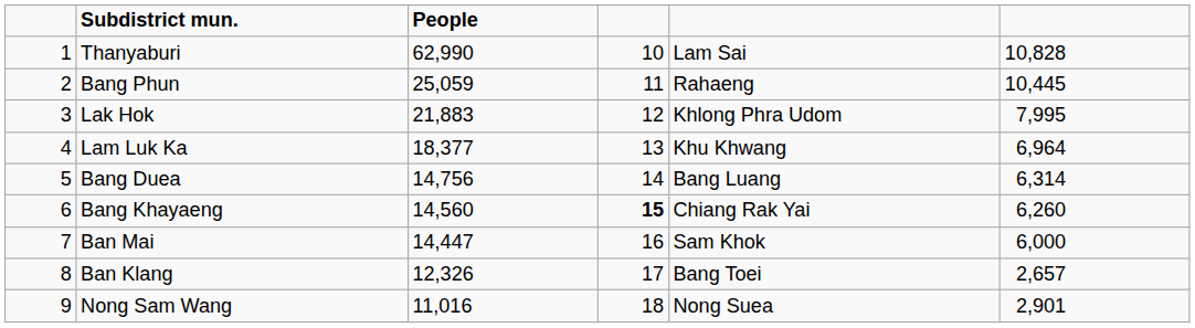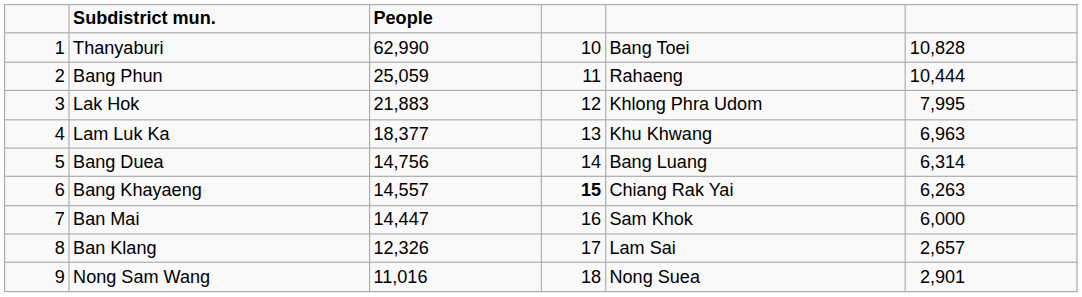 <table class="wikitable" style= "width:60%;">
 <tr>
 <td scope="col" style="width:6%;"> </td>
 <td scope="col" style="width:28%;"><strong>Subdistrict mun.</strong></td>
 <td scope="col" style="width:16%;"><strong>People</strong></td>
 <td scope="col" style="width:6%;"> </td>
 <td scope="col" style="width:28%;"> </td>
 <td scope="col" style="widht:16%;"> </td>
 </tr>
 <tr>
 <td scope="row" style="text-align:right;">1</td>
 <td>Thanyaburi</td>
 <td>62,990</td>
 <td style="text-align:right;">10</td>
-<td>Lam Sai</td>
+<td>Bang Toei</td>
 <td>10,828</td>
 </tr>
 <tr>
 <td scope="row" style="text-align:right;">2</td>
 <td>Bang Phun</td>
 <td>25,059</td>
 <td style="text-align:right;">11</td>
 <td>Rahaeng</td>
-<td>10,445</td>
+<td>10,444</td>
 </tr>
 <tr>
 <td scope="row" style="text-align:right;">3</td>
 <td>Lak Hok</td>
 <td>21,883</td>
 <td style="text-align:right;">12</td>
 <td>Khlong Phra Udom</td>
 <td>  7,995</td>
 </tr>
 <tr>
 <td scope="row" style="text-align:right;">4</td>
 <td>Lam Luk Ka</td>
 <td>18,377</td>
 <td style="text-align:right;">13</td>
 <td>Khu Khwang</td>
-<td>  6,964</td>
+<td>  6,963</td>
 </tr>
 <tr>
 <td scope="row" style="text-align:right;">5</td>
 <td>Bang Duea</td>
 <td>14,756</td>
 <td style="text-align:right;">14</td>
 <td>Bang Luang</td>
 <td>  6,314</td>
 </tr>
 <tr>
 <td scope="row" style="text-align:right;">6</td>
 <td>Bang Khayaeng</td>
-<td>14,560</td>
+<td>14,557</td>
 <td style="text-align:right;"><strong>15</strong></td>
 <td>Chiang Rak Yai</td>
-<td>  6,260</td>
+<td>  6,263</td>
 </tr>
 <tr>
 <td scope="row" style="text-align:right;">7</td>
 <td>Ban Mai</td>
 <td>14,447</td>
 <td style="text-align:right;">16</td>
 <td>Sam Khok</td>
 <td>  6,000</td>
 </tr>
 <tr>
 <td scope="row" style="text-align:right;">8</td>
 <td>Ban Klang</td>
 <td>12,326</td>
 <td style="text-align:right;">17</td>
-<td>Bang Toei</td>
+<td>Lam Sai</td>
 <td>  2,657</td>
 </tr>
 <tr>
 <td scope="row" style="text-align:right;">9</td>
 <td>Nong Sam Wang</td>
 <td>11,016</td>
 <td style="text-align:right;">18</td>
 <td>Nong Suea</td>
 <td>  2,901</td>
 </tr>
 </table>
